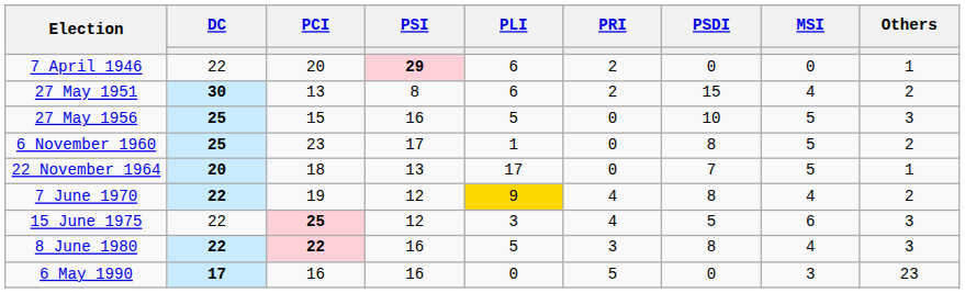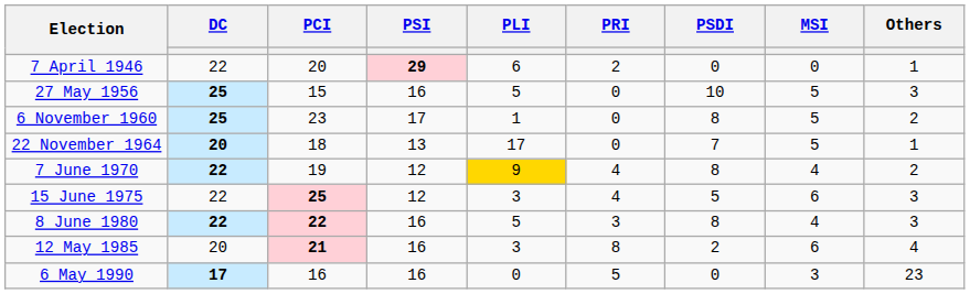 <table class="wikitable" style="text-align:center;font-size:85%;line-height:13px">
 <tr style="height:30px; background-color:#E9E9E9">
 <th style="width:110px;" rowspan="2">Election</th>
 <th style="width:65px;"><a href='#'>DC</a></th>
 <th style="width:65px;"><a href='#'>PCI</a></th>
 <th style="width:65px;"><a href='#'>PSI</a></th>
 <th style="width:65px;"><a href='#'>PLI</a></th>
 <th style="width:65px;"><a href='#'>PRI</a></th>
 <th style="width:65px;"><a href='#'>PSDI</a></th>
 <th style="width:65px;"><a href='#'>MSI</a></th>
 <th style="width:65px;">Others</th>
 </tr>
 <tr>
 <th style="background:"></th>
 <th style="background:"></th>
 <th style="background:"></th>
 <th style="background:"></th>
 <th style="background:"></th>
 <th style="background:"></th>
 <th style="background:"></th>
 <th style="background:"></th>
 </tr>
 <tr>
 <td><a href='#'>7 April 1946</a></td>
 <td>22</td>
 <td>20</td>
 <td style="background:#FFD0D7"><strong>29</strong></td>
 <td>6</td>
 <td>2</td>
 <td>0</td>
 <td>0</td>
 <td>1</td>
-</tr>
-<tr>
-<td><a href='#'>27 May 1951</a></td>
-<td style="background:#C8EBFF"><strong>30</strong></td>
-<td>13</td>
-<td>8</td>
-<td>6</td>
-<td>2</td>
-<td>15</td>
-<td>4</td>
-<td>2</td>
 </tr>
 <tr>
 <td><a href='#'>27 May 1956</a></td>
 <td style="background:#C8EBFF"><strong>25</strong></td>
 <td>15</td>
 <td>16</td>
 <td>5</td>
 <td>0</td>
 <td>10</td>
 <td>5</td>
 <td>3</td>
 </tr>
 <tr>
 <td><a href='#'>6 November 1960</a></td>
 <td style="background:#C8EBFF"><strong>25</strong></td>
 <td>23</td>
 <td>17</td>
 <td>1</td>
 <td>0</td>
 <td>8</td>
 <td>5</td>
 <td>2</td>
 </tr>
 <tr>
 <td><a href='#'>22 November 1964</a></td>
 <td style="background:#C8EBFF"><strong>20</strong></td>
 <td>18</td>
 <td>13</td>
 <td>17</td>
 <td>0</td>
 <td>7</td>
 <td>5</td>
 <td>1</td>
 </tr>
 <tr>
 <td><a href='#'>7 June 1970</a></td>
 <td style="background:#C8EBFF"><strong>22</strong></td>
 <td>19</td>
 <td>12</td>
 <td style="background: gold;">9</td>
 <td>4</td>
 <td>8</td>
 <td>4</td>
 <td>2</td>
 </tr>
 <tr>
 <td><a href='#'>15 June 1975</a></td>
 <td>22</td>
 <td style="background:#FFD0D7"><strong>25</strong></td>
 <td>12</td>
 <td>3</td>
 <td>4</td>
 <td>5</td>
 <td>6</td>
 <td>3</td>
 </tr>
 <tr>
 <td><a href='#'>8 June 1980</a></td>
 <td style="background:#C8EBFF"><strong>22</strong></td>
 <td style="background:#FFD0D7"><strong>22</strong></td>
 <td>16</td>
 <td>5</td>
 <td>3</td>
 <td>8</td>
 <td>4</td>
 <td>3</td>
 </tr>
 <tr>
+<td><a href='#'>12 May 1985</a></td>
+<td>20</td>
+<td style="background:#FFD0D7"><strong>21</strong></td>
+<td>16</td>
+<td>3</td>
+<td>8</td>
+<td>2</td>
+<td>6</td>
+<td>4</td>
+</tr>
+<tr>
 <td><a href='#'>6 May 1990</a></td>
 <td style="background:#C8EBFF"><strong>17</strong></td>
 <td>16</td>
 <td>16</td>
 <td>0</td>
 <td>5</td>
 <td>0</td>
 <td>3</td>
 <td>23</td>
 </tr>
 </table>
